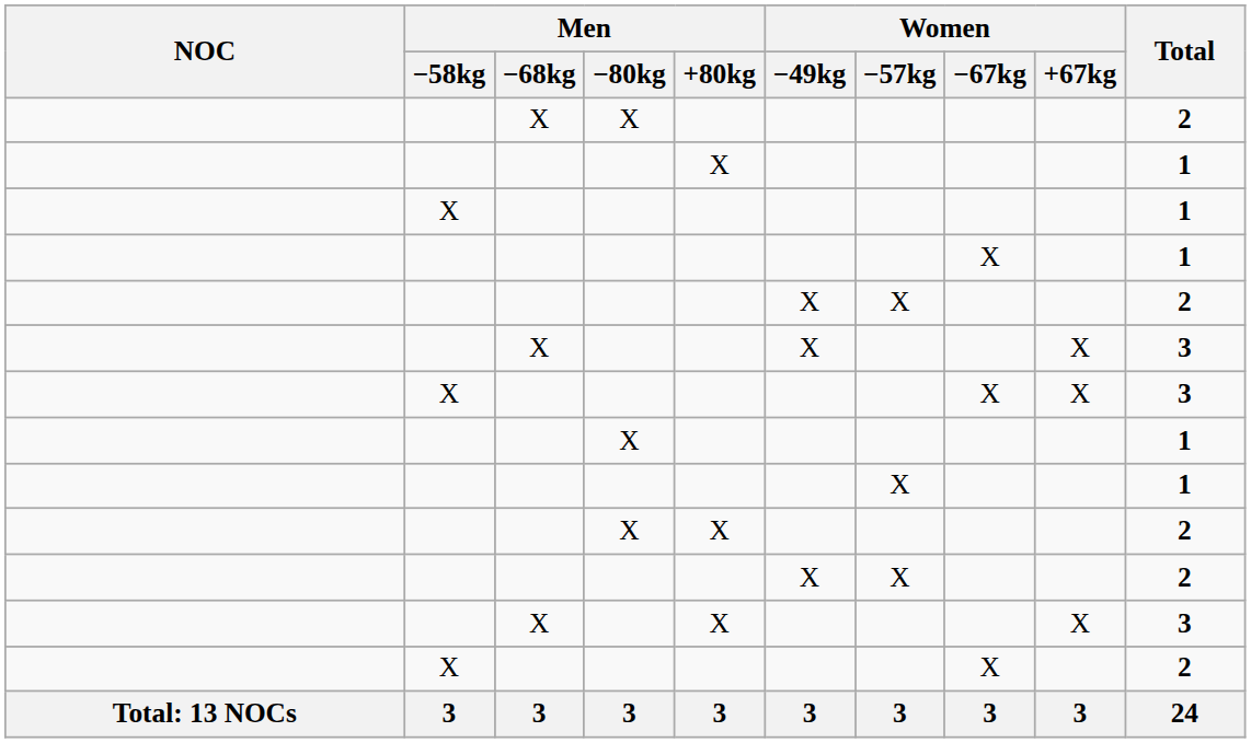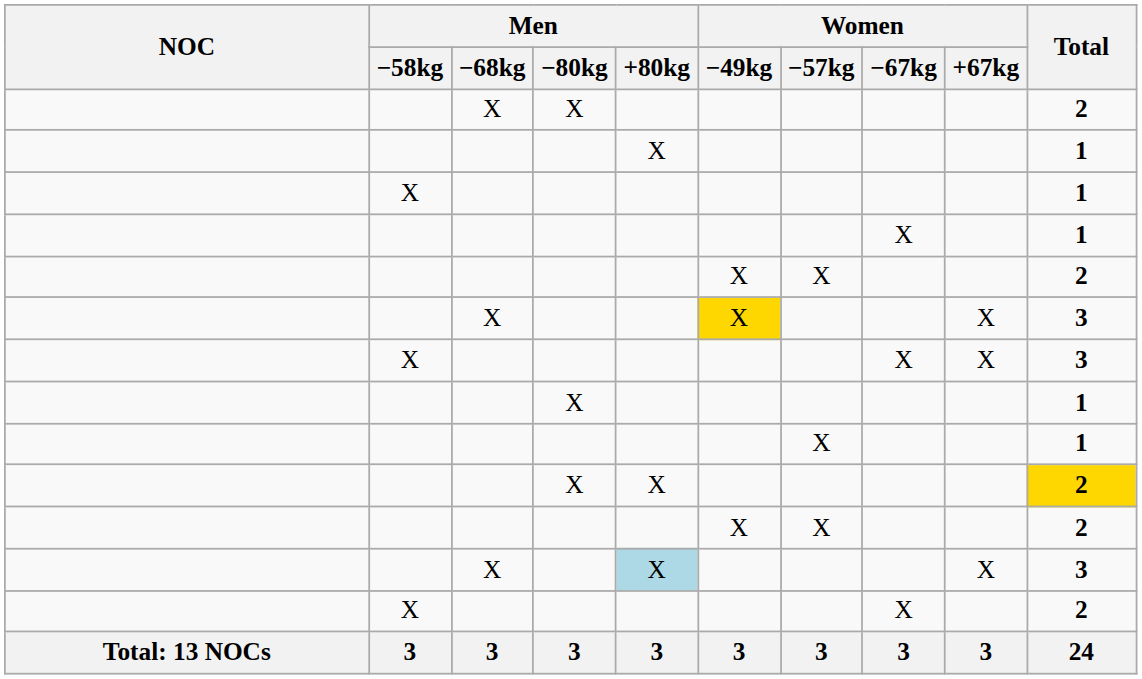 <table class="wikitable" style="text-align:center; font-size:90%">
 <tr>
 <th rowspan="2" width=200 align="left">NOC</th>
 <th colspan="4">Men</th>
 <th colspan="4">Women</th>
 <th width=55 rowspan="2">Total</th>
 </tr>
 <tr>
 <th width=40>−58kg</th>
 <th width=40>−68kg</th>
 <th width=40>−80kg</th>
 <th width=40>+80kg</th>
 <th width=40>−49kg</th>
 <th width=40>−57kg</th>
 <th width=40>−67kg</th>
 <th width=40>+67kg</th>
 </tr>
 <tr>
 <td align="left"></td>
 <td></td>
 <td>X</td>
 <td>X</td>
 <td></td>
 <td></td>
 <td></td>
 <td></td>
 <td></td>
 <td><strong>2</strong></td>
 </tr>
 <tr>
 <td align="left"></td>
 <td></td>
 <td></td>
 <td></td>
 <td>X</td>
 <td></td>
 <td></td>
 <td></td>
 <td></td>
 <td><strong>1</strong></td>
 </tr>
 <tr>
 <td align="left"></td>
 <td>X</td>
 <td></td>
 <td></td>
 <td></td>
 <td></td>
 <td></td>
 <td></td>
 <td></td>
 <td><strong>1</strong></td>
 </tr>
 <tr>
 <td align="left"></td>
 <td></td>
 <td></td>
 <td></td>
 <td></td>
 <td></td>
 <td></td>
 <td>X</td>
 <td></td>
 <td><strong>1</strong></td>
 </tr>
 <tr>
 <td align="left"></td>
 <td></td>
 <td></td>
 <td></td>
 <td></td>
 <td>X</td>
 <td>X</td>
 <td></td>
 <td></td>
 <td><strong>2</strong></td>
 </tr>
 <tr>
 <td align="left"></td>
 <td></td>
 <td>X</td>
 <td></td>
 <td></td>
-<td>X</td>
+<td style="background: gold;">X</td>
 <td></td>
 <td></td>
 <td>X</td>
 <td><strong>3</strong></td>
 </tr>
 <tr>
 <td align="left"></td>
 <td>X</td>
 <td></td>
 <td></td>
 <td></td>
 <td></td>
 <td></td>
 <td>X</td>
 <td>X</td>
 <td><strong>3</strong></td>
 </tr>
 <tr>
 <td align="left"></td>
 <td></td>
 <td></td>
 <td>X</td>
 <td></td>
 <td></td>
 <td></td>
 <td></td>
 <td></td>
 <td><strong>1</strong></td>
 </tr>
 <tr>
 <td align="left"></td>
 <td></td>
 <td></td>
 <td></td>
 <td></td>
 <td></td>
 <td>X</td>
 <td></td>
 <td></td>
 <td><strong>1</strong></td>
 </tr>
 <tr>
 <td align="left"></td>
 <td></td>
 <td></td>
 <td>X</td>
 <td>X</td>
 <td></td>
 <td></td>
 <td></td>
 <td></td>
-<td><strong>2</strong></td>
+<td style="background: gold;"><strong>2</strong></td>
 </tr>
 <tr>
 <td align="left"></td>
 <td></td>
 <td></td>
 <td></td>
 <td></td>
 <td>X</td>
 <td>X</td>
 <td></td>
 <td></td>
 <td><strong>2</strong></td>
 </tr>
 <tr>
 <td align="left"></td>
 <td></td>
 <td>X</td>
 <td></td>
-<td>X</td>
+<td style="background: lightblue;">X</td>
 <td></td>
 <td></td>
 <td></td>
 <td>X</td>
 <td><strong>3</strong></td>
 </tr>
 <tr>
 <td align="left"></td>
 <td>X</td>
 <td></td>
 <td></td>
 <td></td>
 <td></td>
 <td></td>
 <td>X</td>
 <td></td>
 <td><strong>2</strong></td>
 </tr>
 <tr>
 <th>Total: 13 NOCs</th>
 <th>3</th>
 <th>3</th>
 <th>3</th>
 <th>3</th>
 <th>3</th>
 <th>3</th>
 <th>3</th>
 <th>3</th>
 <th>24</th>
 </tr>
 </table>
